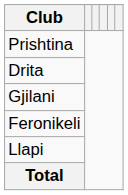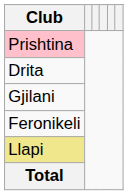 <table class="wikitable floatright">
 <tr>
 </tr>
 <tr>
 <th>Club</th>
 <th></th>
 <th></th>
 <th></th>
 <th></th>
 <th></th>
 </tr>
 <tr>
-<td>Prishtina<br></td>
+<td style="background: pink;">Prishtina<br></td>
 </tr>
 <tr>
 <td>Drita<br></td>
 </tr>
 <tr>
 <td>Gjilani<br></td>
 </tr>
 <tr>
 <td>Feronikeli<br></td>
 </tr>
 <tr>
-<td>Llapi<br></td>
+<td style="background: khaki;">Llapi<br></td>
 </tr>
 <tr>
 <th>Total<br></th>
 </tr>
 </table>
